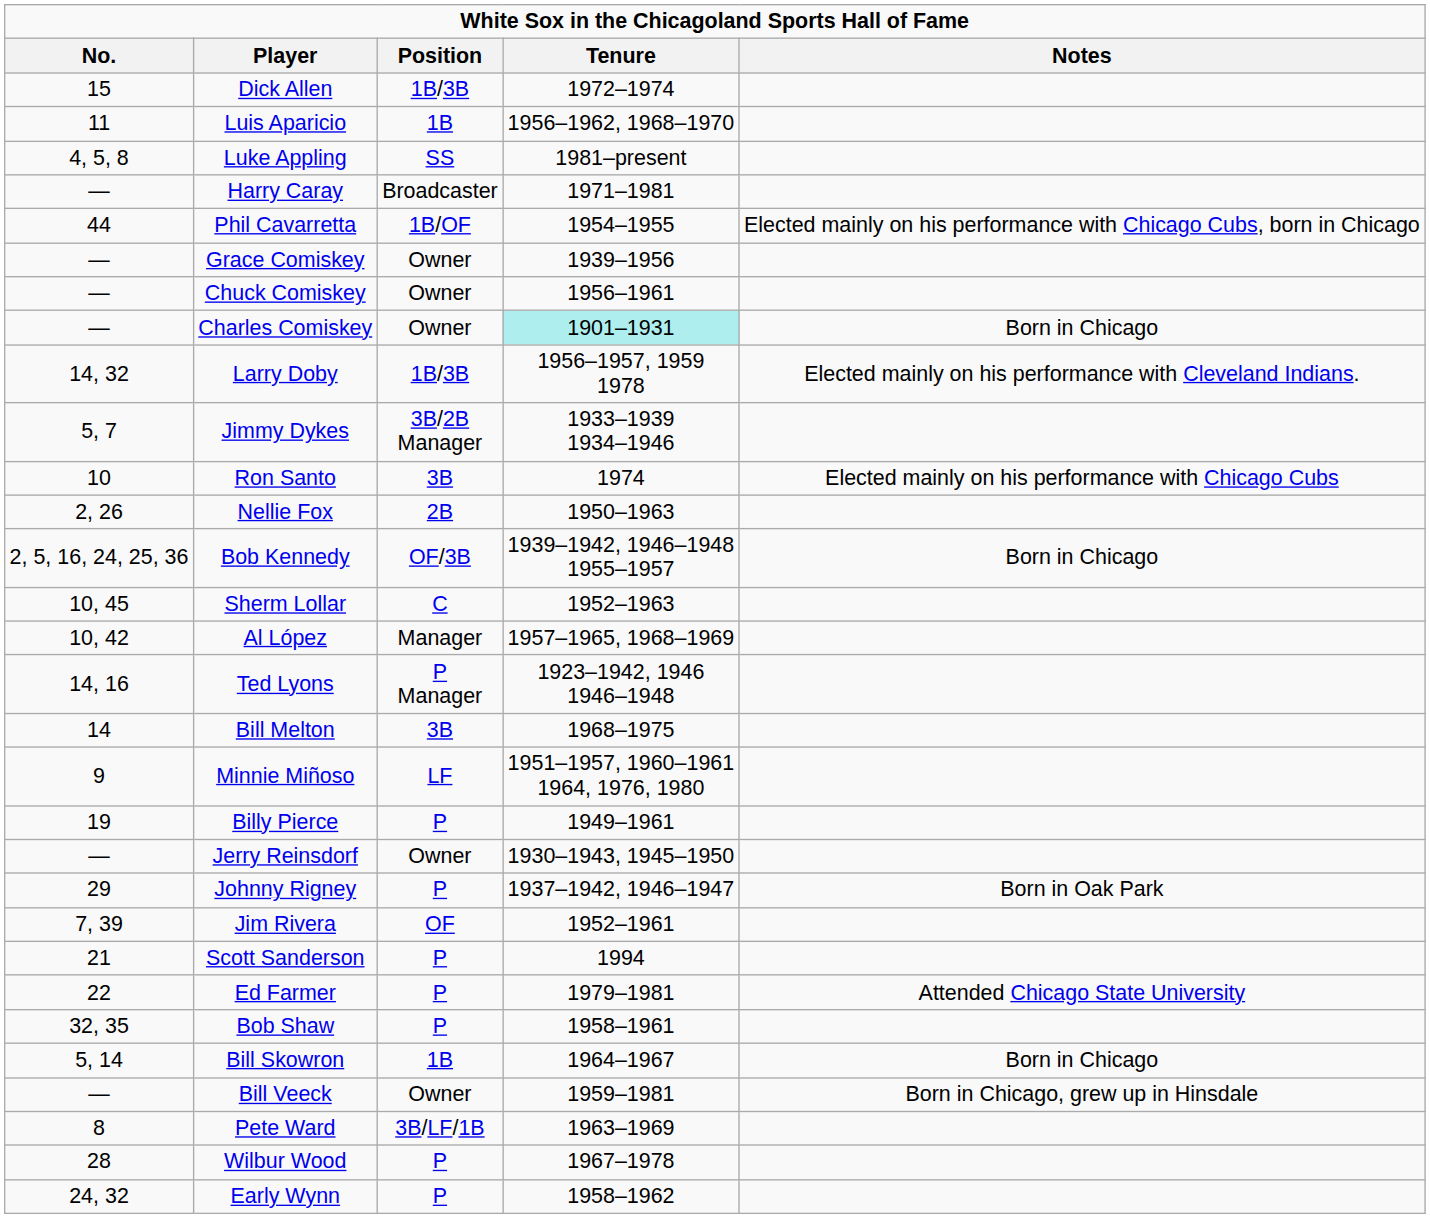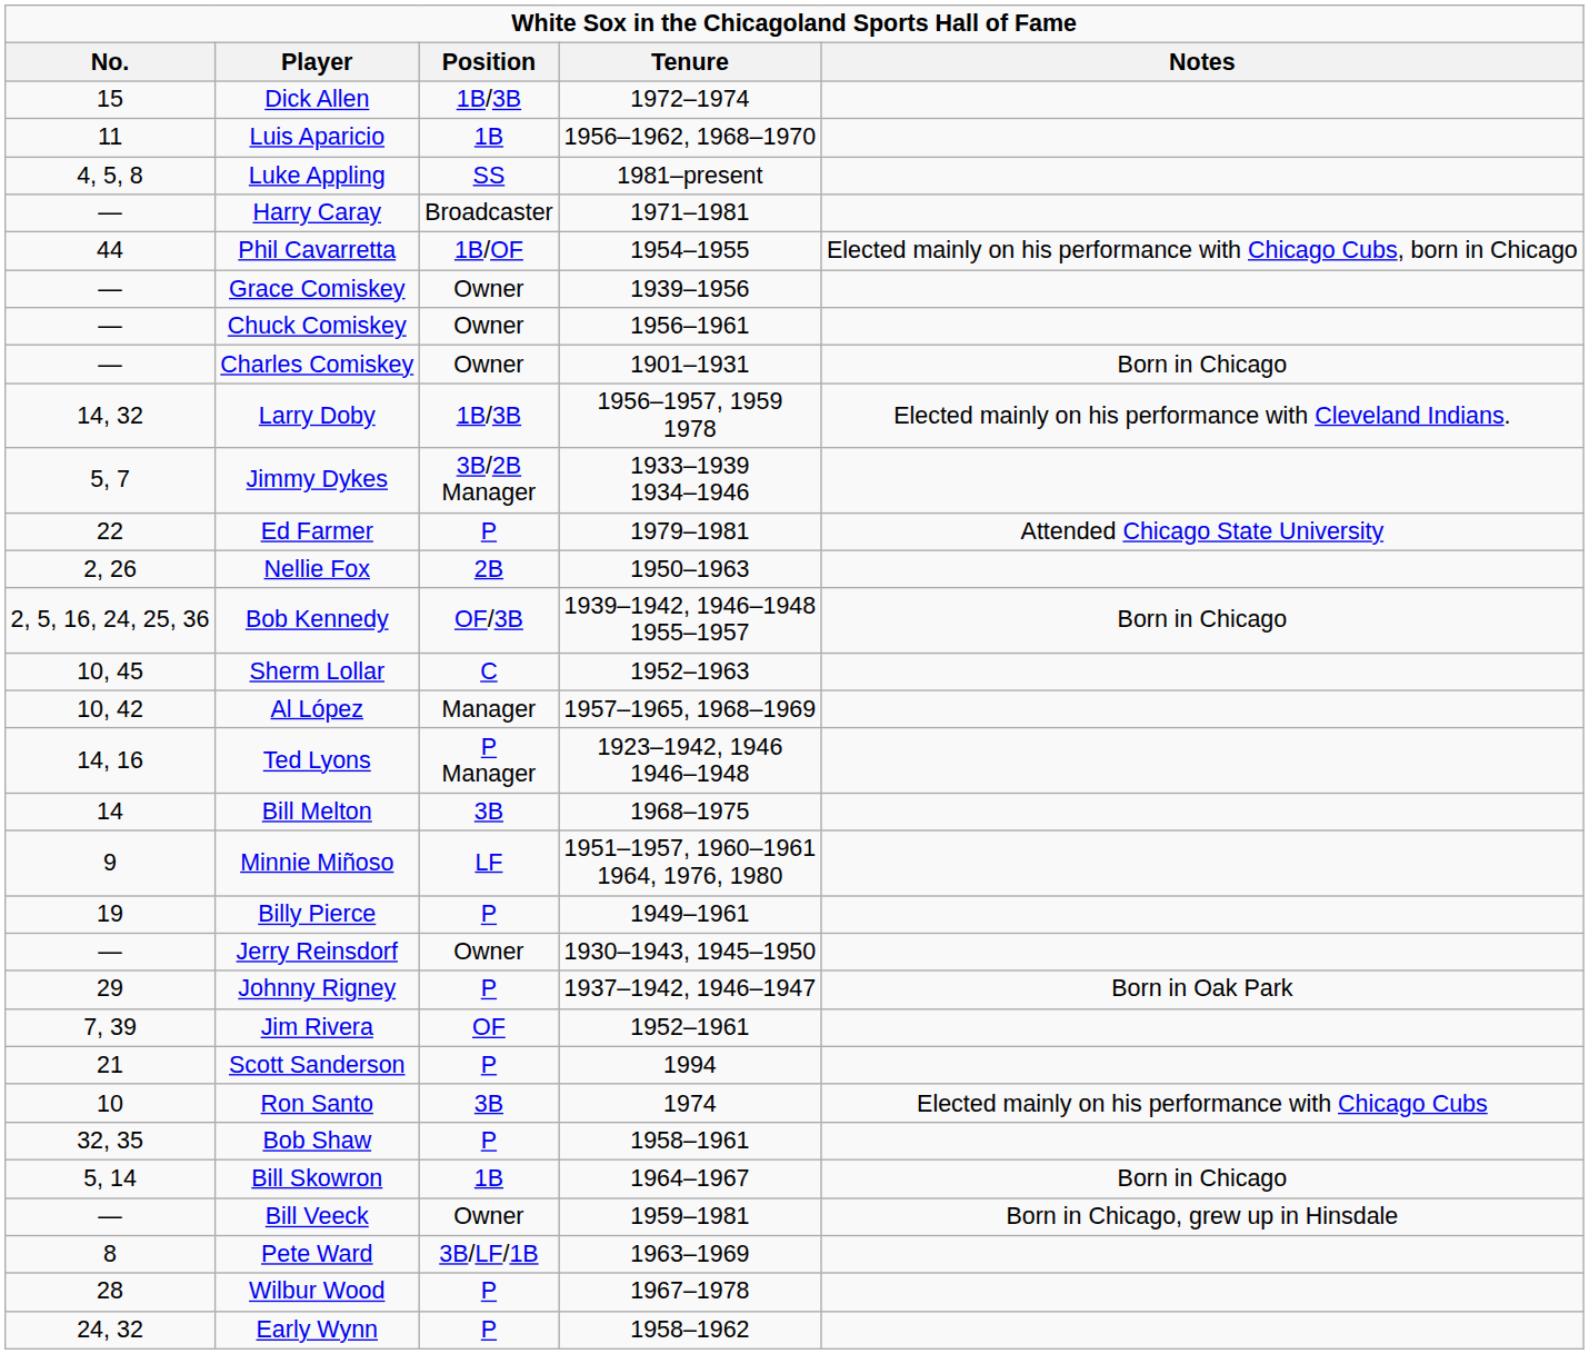 <table class="wikitable" style="text-align:center">
 <tr>
 <td colspan="5"><strong>White Sox in the Chicagoland Sports Hall of Fame</strong></td>
 </tr>
 <tr>
 <th>No.</th>
 <th>Player</th>
 <th>Position</th>
 <th>Tenure</th>
 <th>Notes</th>
 </tr>
 <tr>
 <td>15</td>
 <td><a href='#'>Dick Allen</a></td>
 <td><a href='#'>1B</a>/<a href='#'>3B</a></td>
 <td>1972–1974</td>
 <td></td>
 </tr>
 <tr>
 <td>11</td>
 <td><a href='#'>Luis Aparicio</a></td>
 <td><a href='#'>1B</a></td>
 <td>1956–1962, 1968–1970</td>
 <td></td>
 </tr>
 <tr>
 <td>4, 5, 8</td>
 <td><a href='#'>Luke Appling</a></td>
 <td><a href='#'>SS</a></td>
 <td>1981–present</td>
 <td></td>
 </tr>
 <tr>
 <td>—</td>
 <td><a href='#'>Harry Caray</a></td>
 <td>Broadcaster</td>
 <td>1971–1981</td>
 <td></td>
 </tr>
 <tr>
 <td>44</td>
 <td><a href='#'>Phil Cavarretta</a></td>
 <td><a href='#'>1B</a>/<a href='#'>OF</a></td>
 <td>1954–1955</td>
 <td>Elected mainly on his performance with <a href='#'>Chicago Cubs</a>, born in Chicago</td>
 </tr>
 <tr>
 <td>—</td>
 <td><a href='#'>Grace Comiskey</a></td>
 <td>Owner</td>
 <td>1939–1956</td>
 <td></td>
 </tr>
 <tr>
 <td>—</td>
 <td><a href='#'>Chuck Comiskey</a></td>
 <td>Owner</td>
 <td>1956–1961</td>
 <td></td>
 </tr>
 <tr>
 <td>—</td>
 <td><a href='#'>Charles Comiskey</a></td>
 <td>Owner</td>
-<td style="background: paleturquoise;">1901–1931</td>
+<td>1901–1931</td>
 <td>Born in Chicago</td>
 </tr>
 <tr>
 <td>14, 32</td>
 <td><a href='#'>Larry Doby</a></td>
 <td><a href='#'>1B</a>/<a href='#'>3B</a></td>
 <td>1956–1957, 1959<br>1978</td>
 <td>Elected mainly on his performance with <a href='#'>Cleveland Indians</a>.</td>
 </tr>
 <tr>
 <td>5, 7</td>
 <td><a href='#'>Jimmy Dykes</a></td>
 <td><a href='#'>3B</a>/<a href='#'>2B</a><br>Manager</td>
 <td>1933–1939<br>1934–1946</td>
 <td></td>
 </tr>
 <tr>
-<td>10</td>
-<td><a href='#'>Ron Santo</a></td>
-<td><a href='#'>3B</a></td>
-<td>1974</td>
-<td>Elected mainly on his performance with <a href='#'>Chicago Cubs</a></td>
+<td>22</td>
+<td><a href='#'>Ed Farmer</a></td>
+<td><a href='#'>P</a></td>
+<td>1979–1981</td>
+<td>Attended <a href='#'>Chicago State University</a></td>
 </tr>
 <tr>
 <td>2, 26</td>
 <td><a href='#'>Nellie Fox</a></td>
 <td><a href='#'>2B</a></td>
 <td>1950–1963</td>
 <td></td>
 </tr>
 <tr>
 <td>2, 5, 16, 24, 25, 36</td>
 <td><a href='#'>Bob Kennedy</a></td>
 <td><a href='#'>OF</a>/<a href='#'>3B</a></td>
 <td>1939–1942, 1946–1948<br>1955–1957</td>
 <td>Born in Chicago</td>
 </tr>
 <tr>
 <td>10, 45</td>
 <td><a href='#'>Sherm Lollar</a></td>
 <td><a href='#'>C</a></td>
 <td>1952–1963</td>
 <td></td>
 </tr>
 <tr>
 <td>10, 42</td>
 <td><a href='#'>Al López</a></td>
 <td>Manager</td>
 <td>1957–1965, 1968–1969</td>
 <td></td>
 </tr>
 <tr>
 <td>14, 16</td>
 <td><a href='#'>Ted Lyons</a></td>
 <td><a href='#'>P</a><br>Manager</td>
 <td>1923–1942, 1946<br>1946–1948</td>
 <td></td>
 </tr>
 <tr>
 <td>14</td>
 <td><a href='#'>Bill Melton</a></td>
 <td><a href='#'>3B</a></td>
 <td>1968–1975</td>
 <td></td>
 </tr>
 <tr>
 <td>9</td>
 <td><a href='#'>Minnie Miñoso</a></td>
 <td><a href='#'>LF</a></td>
 <td>1951–1957, 1960–1961<br>1964, 1976, 1980</td>
 <td></td>
 </tr>
 <tr>
 <td>19</td>
 <td><a href='#'>Billy Pierce</a></td>
 <td><a href='#'>P</a></td>
 <td>1949–1961</td>
 <td></td>
 </tr>
 <tr>
 <td>—</td>
 <td><a href='#'>Jerry Reinsdorf</a></td>
 <td>Owner</td>
 <td>1930–1943, 1945–1950</td>
 <td></td>
 </tr>
 <tr>
 <td>29</td>
 <td><a href='#'>Johnny Rigney</a></td>
 <td><a href='#'>P</a></td>
 <td>1937–1942, 1946–1947</td>
 <td>Born in Oak Park</td>
 </tr>
 <tr>
 <td>7, 39</td>
 <td><a href='#'>Jim Rivera</a></td>
 <td><a href='#'>OF</a></td>
 <td>1952–1961</td>
 <td></td>
 </tr>
 <tr>
 <td>21</td>
 <td><a href='#'>Scott Sanderson</a></td>
 <td><a href='#'>P</a></td>
 <td>1994</td>
 <td></td>
 </tr>
 <tr>
-<td>22</td>
-<td><a href='#'>Ed Farmer</a></td>
-<td><a href='#'>P</a></td>
-<td>1979–1981</td>
-<td>Attended <a href='#'>Chicago State University</a></td>
+<td>10</td>
+<td><a href='#'>Ron Santo</a></td>
+<td><a href='#'>3B</a></td>
+<td>1974</td>
+<td>Elected mainly on his performance with <a href='#'>Chicago Cubs</a></td>
 </tr>
 <tr>
 <td>32, 35</td>
 <td><a href='#'>Bob Shaw</a></td>
 <td><a href='#'>P</a></td>
 <td>1958–1961</td>
 <td></td>
 </tr>
 <tr>
 <td>5, 14</td>
 <td><a href='#'>Bill Skowron</a></td>
 <td><a href='#'>1B</a></td>
 <td>1964–1967</td>
 <td>Born in Chicago</td>
 </tr>
 <tr>
 <td>—</td>
 <td><a href='#'>Bill Veeck</a></td>
 <td>Owner</td>
 <td>1959–1981</td>
 <td>Born in Chicago, grew up in Hinsdale</td>
 </tr>
 <tr>
 <td>8</td>
 <td><a href='#'>Pete Ward</a></td>
 <td><a href='#'>3B</a>/<a href='#'>LF</a>/<a href='#'>1B</a></td>
 <td>1963–1969</td>
 <td></td>
 </tr>
 <tr>
 <td>28</td>
 <td><a href='#'>Wilbur Wood</a></td>
 <td><a href='#'>P</a></td>
 <td>1967–1978</td>
 <td></td>
 </tr>
 <tr>
 <td>24, 32</td>
 <td><a href='#'>Early Wynn</a></td>
 <td><a href='#'>P</a></td>
 <td>1958–1962</td>
 <td></td>
 </tr>
 </table>
